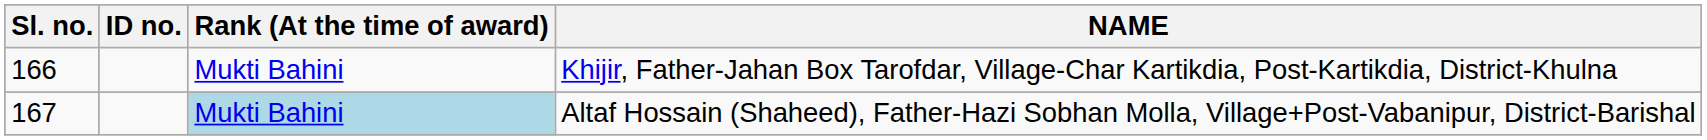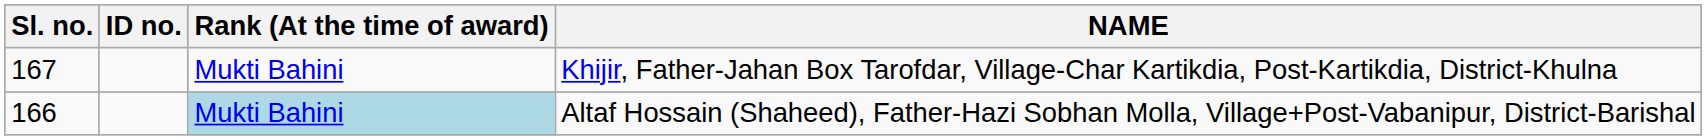 <table class ="wikitable">
 <tr>
 <th>Sl. no.</th>
 <th>ID no.</th>
 <th>Rank (At the time of award)</th>
 <th>NAME</th>
 </tr>
 <tr>
-<td>166</td>
+<td>167</td>
 <td></td>
 <td><a href='#'>Mukti Bahini</a></td>
 <td><a href='#'>Khijir</a>, Father-Jahan Box Tarofdar, Village-Char Kartikdia, Post-Kartikdia, District-Khulna</td>
 </tr>
 <tr>
-<td>167</td>
+<td>166</td>
 <td></td>
 <td style="background: lightblue;"><a href='#'>Mukti Bahini</a></td>
 <td>Altaf Hossain (Shaheed), Father-Hazi Sobhan Molla, Village+Post-Vabanipur, District-Barishal</td>
 </tr>
 </table>
